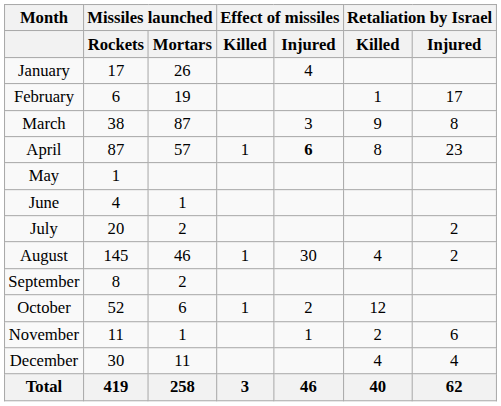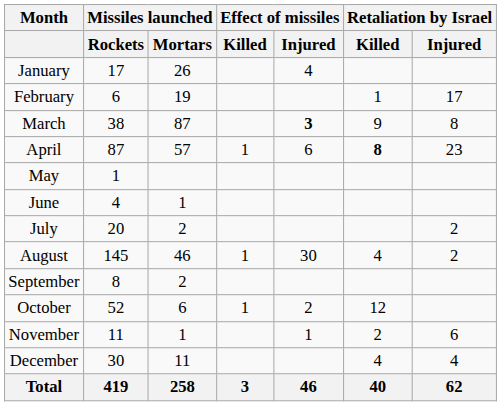 <table class="wikitable" style="text-align:center;">
 <tr>
 <th>Month</th>
 <th colspan=2>Missiles launched</th>
 <th colspan=2>Effect of missiles</th>
 <th colspan=2>Retaliation by Israel</th>
 </tr>
 <tr>
 <th></th>
 <th>Rockets</th>
 <th>Mortars</th>
 <th>Killed</th>
 <th>Injured</th>
 <th>Killed</th>
 <th>Injured</th>
 </tr>
 <tr>
 <td>January</td>
 <td>17</td>
 <td>26</td>
 <td></td>
 <td>4</td>
 <td></td>
 <td></td>
 </tr>
 <tr>
 <td>February</td>
 <td>6</td>
 <td>19</td>
 <td></td>
 <td></td>
 <td>1</td>
 <td>17</td>
 </tr>
 <tr>
 <td>March</td>
 <td>38</td>
 <td>87</td>
 <td></td>
-<td>3</td>
+<td><strong>3</strong></td>
 <td>9</td>
 <td>8</td>
 </tr>
 <tr>
 <td>April</td>
 <td>87</td>
 <td>57</td>
 <td>1</td>
-<td><strong>6</strong></td>
-<td>8</td>
+<td>6</td>
+<td><strong>8</strong></td>
 <td>23</td>
 </tr>
 <tr>
 <td>May</td>
 <td>1</td>
 <td></td>
 <td></td>
 <td></td>
 <td></td>
 <td></td>
 </tr>
 <tr>
 <td>June</td>
 <td>4</td>
 <td>1</td>
 <td></td>
 <td></td>
 <td></td>
 <td></td>
 </tr>
 <tr>
 <td>July</td>
 <td>20</td>
 <td>2</td>
 <td></td>
 <td></td>
 <td></td>
 <td>2</td>
 </tr>
 <tr>
 <td>August</td>
 <td>145</td>
 <td>46</td>
 <td>1</td>
 <td>30</td>
 <td>4</td>
 <td>2</td>
 </tr>
 <tr>
 <td>September</td>
 <td>8</td>
 <td>2</td>
 <td></td>
 <td></td>
 <td></td>
 <td></td>
 </tr>
 <tr>
 <td>October</td>
 <td>52</td>
 <td>6</td>
 <td>1</td>
 <td>2</td>
 <td>12</td>
 <td></td>
 </tr>
 <tr>
 <td>November</td>
 <td>11</td>
 <td>1</td>
 <td></td>
 <td>1</td>
 <td>2</td>
 <td>6</td>
 </tr>
 <tr>
 <td>December</td>
 <td>30</td>
 <td>11</td>
 <td></td>
 <td></td>
 <td>4</td>
 <td>4</td>
 </tr>
 <tr>
 <th>Total</th>
 <th>419</th>
 <th>258</th>
 <th>3</th>
 <th>46</th>
 <th>40</th>
 <th>62</th>
 </tr>
 </table>
